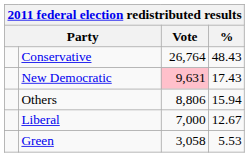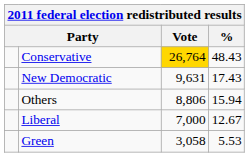 <table class="wikitable">
 <tr>
 <th colspan="4"><a href='#'>2011 federal election</a> redistributed results</th>
 </tr>
 <tr>
 <th bgcolor="#DDDDFF" width="130px" colspan="2">Party</th>
 <th bgcolor="#DDDDFF" width="50px">Vote</th>
 <th bgcolor="#DDDDFF" width="30px">%</th>
 </tr>
 <tr>
 <td> </td>
 <td><a href='#'>Conservative</a></td>
-<td align=right>26,764</td>
+<td align=right style="background: gold;">26,764</td>
 <td align=right>48.43</td>
 </tr>
 <tr>
 <td> </td>
 <td><a href='#'>New Democratic</a></td>
-<td align=right style="background: pink;">9,631</td>
+<td align=right>9,631</td>
 <td align=right>17.43</td>
 </tr>
 <tr>
 <td> </td>
 <td>Others</td>
 <td align=right>8,806</td>
 <td align=right>15.94</td>
 </tr>
 <tr>
 <td> </td>
 <td><a href='#'>Liberal</a></td>
 <td align=right>7,000</td>
 <td align=right>12.67</td>
 </tr>
 <tr>
 <td> </td>
 <td><a href='#'>Green</a></td>
 <td align=right>3,058</td>
 <td align=right>5.53</td>
 </tr>
 </table>
